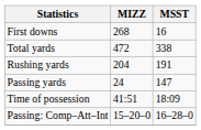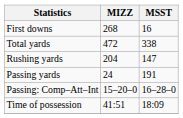 <table class="wikitable" style="float: left;">
 <tr>
 <th>Statistics</th>
 <th>MIZZ</th>
 <th>MSST</th>
 </tr>
 <tr>
 <td>First downs</td>
 <td>268</td>
 <td>16</td>
 </tr>
 <tr>
 <td>Total yards</td>
 <td>472</td>
 <td>338</td>
 </tr>
 <tr>
 <td>Rushing yards</td>
 <td>204</td>
-<td>191</td>
+<td>147</td>
 </tr>
 <tr>
 <td>Passing yards</td>
 <td>24</td>
-<td>147</td>
+<td>191</td>
+</tr>
+<tr>
+<td>Passing: Comp–Att–Int</td>
+<td>15–20–0</td>
+<td>16–28–0</td>
 </tr>
 <tr>
 <td>Time of possession</td>
 <td>41:51</td>
 <td>18:09</td>
 </tr>
 <tr>
-<td>Passing: Comp–Att–Int</td>
-<td>15–20–0</td>
-<td>16–28–0</td>
-</tr>
-<tr>
 </tr>
 </table>
